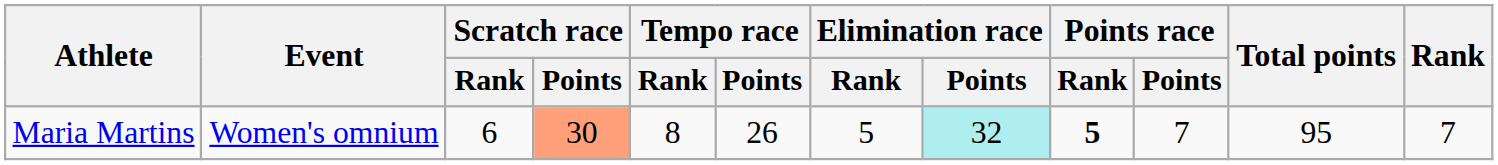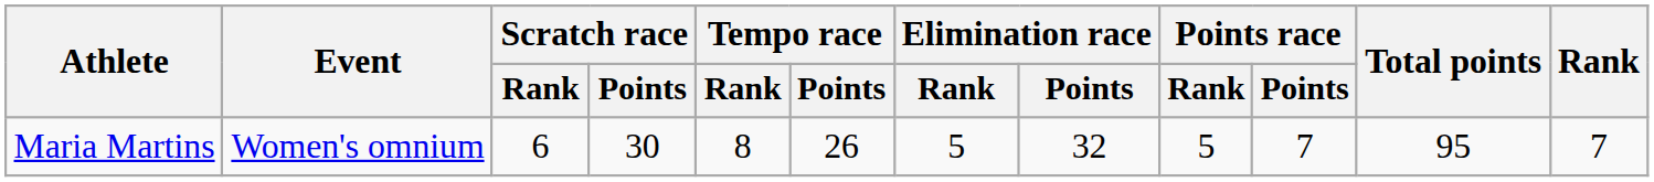 <table class="wikitable" style="font-size:90%">
 <tr>
 <th rowspan="2">Athlete</th>
 <th rowspan="2">Event</th>
 <th colspan=2>Scratch race</th>
 <th colspan=2>Tempo race</th>
 <th colspan=2>Elimination race</th>
 <th colspan=2>Points race</th>
 <th rowspan=2>Total points</th>
 <th rowspan=2>Rank</th>
 </tr>
 <tr style="font-size:95%">
 <th>Rank</th>
 <th>Points</th>
 <th>Rank</th>
 <th>Points</th>
 <th>Rank</th>
 <th>Points</th>
 <th>Rank</th>
 <th>Points</th>
 </tr>
 <tr align=center>
 <td align=left><a href='#'>Maria Martins</a></td>
 <td align=left><a href='#'>Women's omnium</a></td>
 <td>6</td>
-<td style="background: lightsalmon;">30</td>
+<td>30</td>
 <td>8</td>
 <td>26</td>
 <td>5</td>
-<td style="background: paleturquoise;">32</td>
-<td><strong>5</strong></td>
+<td>32</td>
+<td>5</td>
 <td>7</td>
 <td>95</td>
 <td>7</td>
 </tr>
 </table>
